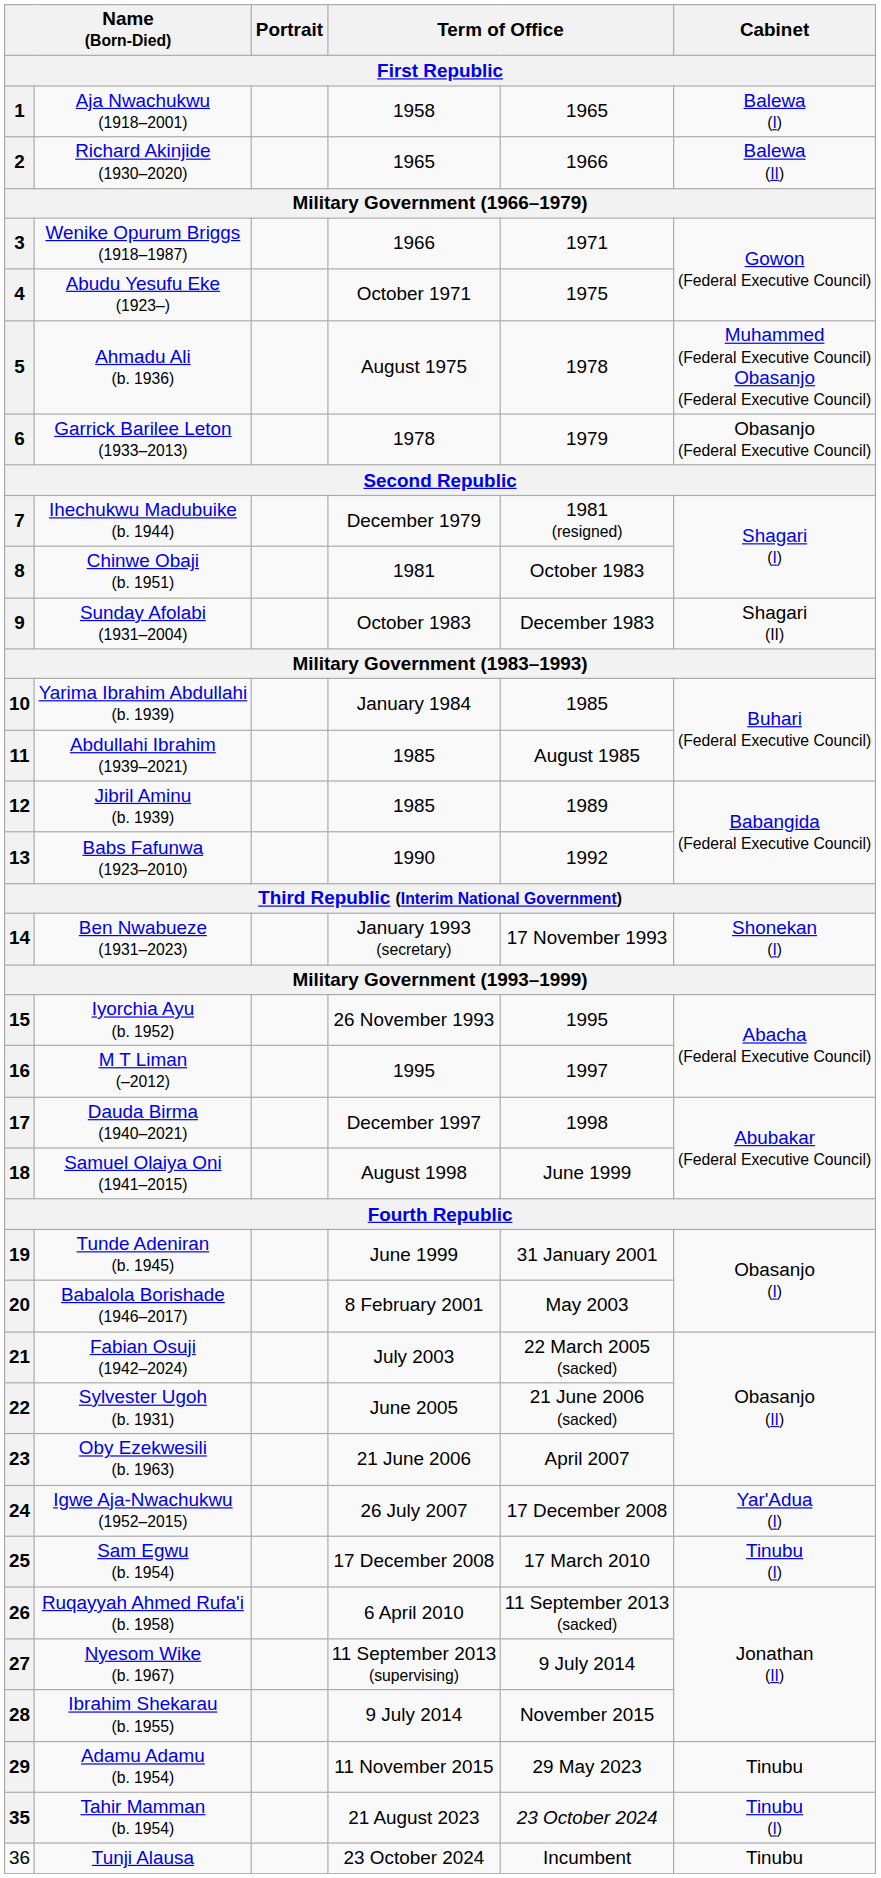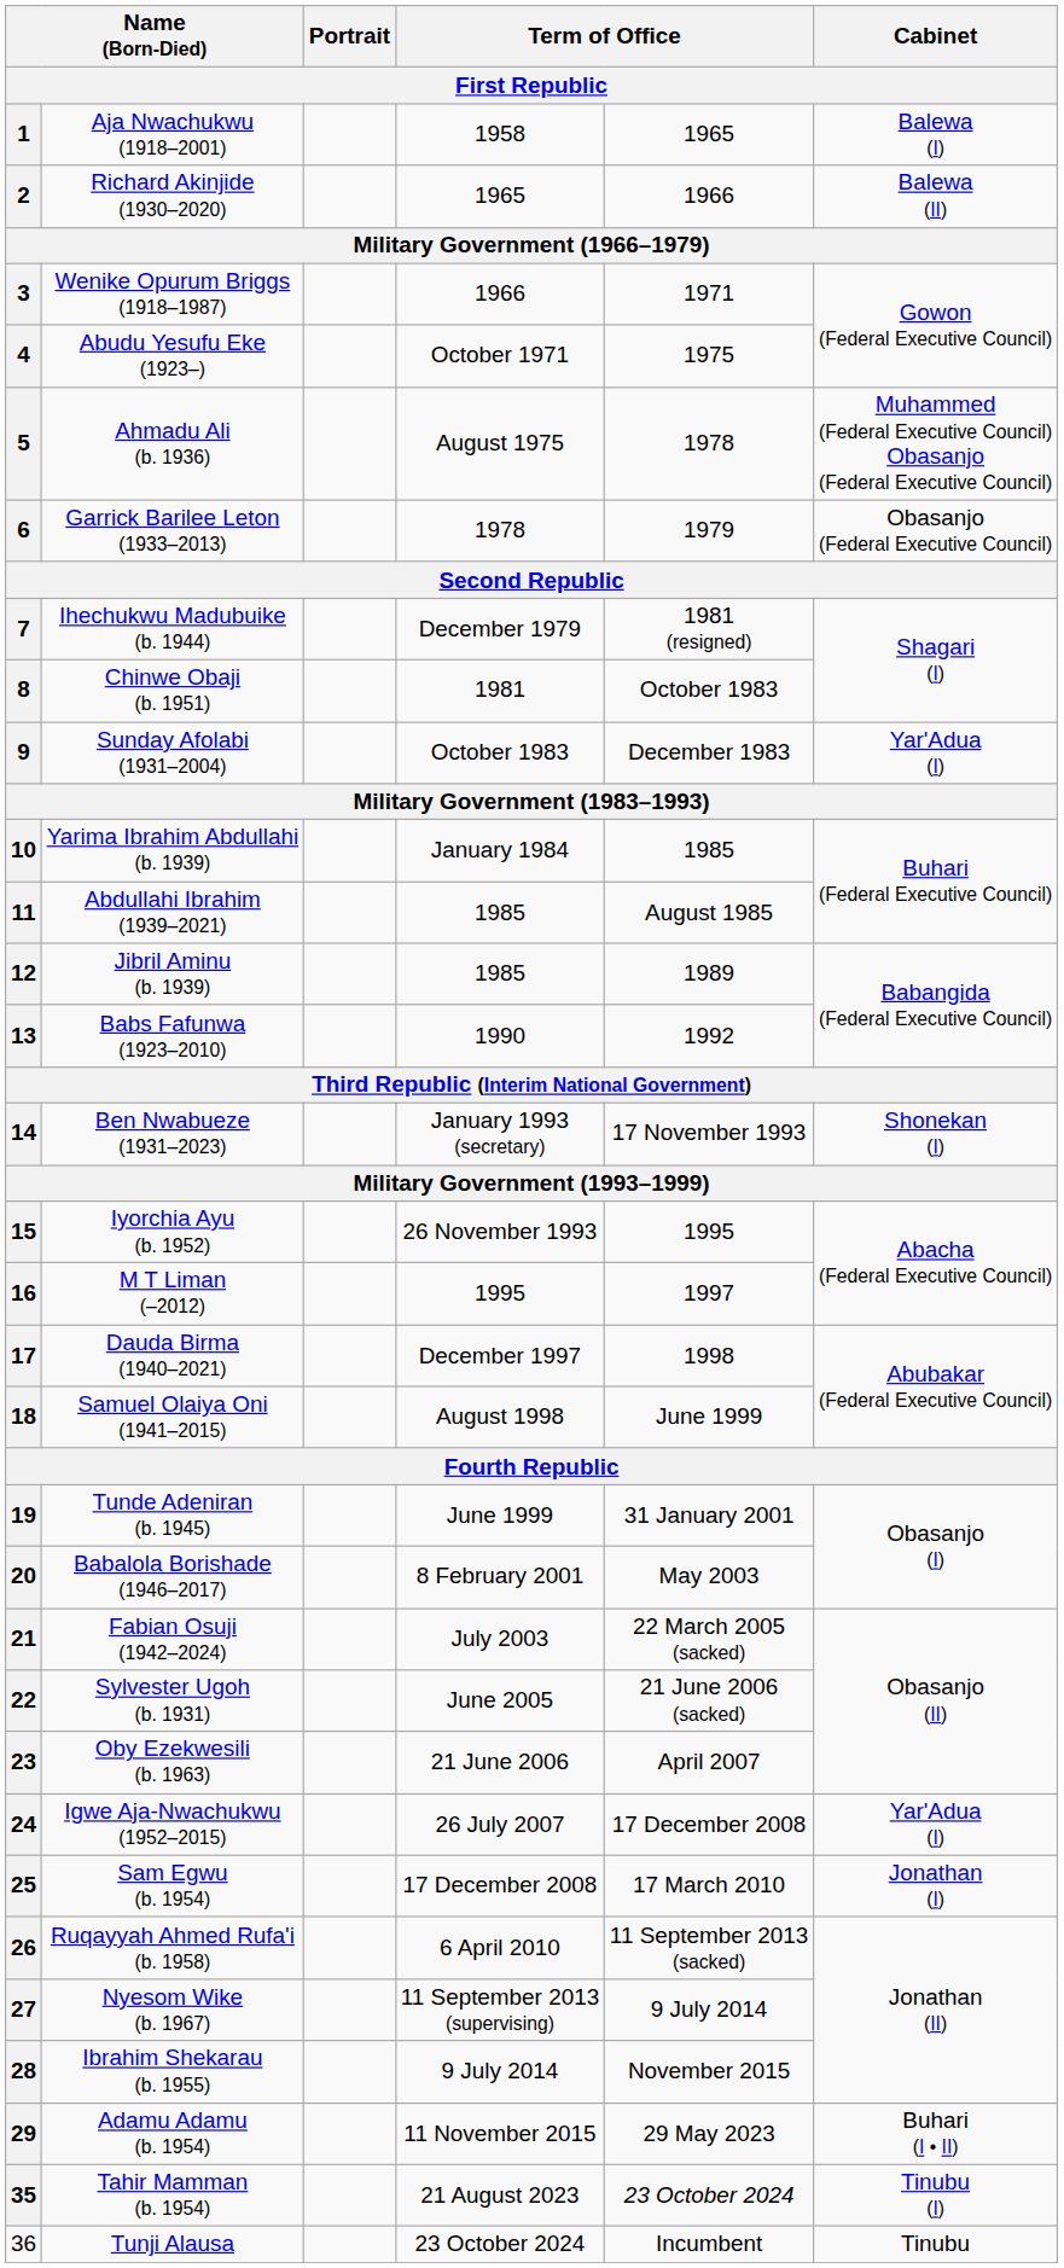 <table class="wikitable" style="text-align:center;">
 <tr>
 <th colspan="2">Name<br><small>(Born-Died)</small></th>
 <th>Portrait</th>
 <th colspan="2">Term of Office</th>
 <th>Cabinet</th>
 </tr>
 <tr>
 <th colspan="6"><a href='#'>First Republic</a></th>
 </tr>
 <tr>
 <th style="background:">1</th>
 <td><a href='#'>Aja Nwachukwu</a><br><small>(1918–2001)</small></td>
 <td></td>
 <td>1958</td>
 <td>1965</td>
 <td><a href='#'>Balewa</a><br><small>(<a href='#'>I</a>)</small></td>
 </tr>
 <tr>
 <th style="background:">2</th>
 <td><a href='#'>Richard Akinjide</a><br><small>(1930–2020)</small></td>
 <td></td>
 <td>1965</td>
 <td>1966</td>
 <td><a href='#'>Balewa</a><br><small>(<a href='#'>II</a>)</small></td>
 </tr>
 <tr>
 <th colspan="6">Military Government (1966–1979)</th>
 </tr>
 <tr>
 <th>3</th>
 <td><a href='#'>Wenike Opurum Briggs</a><br><small>(1918–1987)</small></td>
 <td></td>
 <td>1966</td>
 <td>1971</td>
 <td rowspan="2"><a href='#'>Gowon</a><br><small>(Federal Executive Council)</small></td>
 </tr>
 <tr>
 <th>4</th>
 <td><a href='#'>Abudu Yesufu Eke</a><br><small>(1923–)</small></td>
 <td></td>
 <td>October 1971</td>
 <td>1975</td>
 </tr>
 <tr>
 <th style="background:">5</th>
 <td><a href='#'>Ahmadu Ali</a><br><small>(b. 1936)</small></td>
 <td></td>
 <td>August 1975</td>
 <td>1978</td>
 <td><a href='#'>Muhammed</a><br><small>(Federal Executive Council)</small><br><a href='#'>Obasanjo</a><br><small>(Federal Executive Council)</small></td>
 </tr>
 <tr>
 <th>6</th>
 <td><a href='#'>Garrick Barilee Leton</a><br><small>(1933–2013)</small></td>
 <td></td>
 <td>1978</td>
 <td>1979</td>
 <td>Obasanjo<br><small>(Federal Executive Council)</small></td>
 </tr>
 <tr>
 <th colspan="6"><a href='#'>Second Republic</a></th>
 </tr>
 <tr>
 <th style="background:">7</th>
 <td><a href='#'>Ihechukwu Madubuike</a><br><small>(b. 1944)</small></td>
 <td></td>
 <td>December 1979</td>
 <td>1981<br><small>(resigned)</small></td>
 <td rowspan="2"><a href='#'>Shagari</a><br><small>(<a href='#'>I</a>)</small></td>
 </tr>
 <tr>
 <th style="background:">8</th>
 <td><a href='#'>Chinwe Obaji</a><br><small>(b. 1951)</small></td>
 <td></td>
 <td>1981</td>
 <td>October 1983</td>
 </tr>
 <tr>
 <th style="background:">9</th>
 <td><a href='#'>Sunday Afolabi</a><br><small>(1931–2004)</small></td>
 <td></td>
 <td>October 1983</td>
 <td>December 1983</td>
-<td>Shagari<br><small>(II)</small></td>
+<td><a href='#'>Yar'Adua</a><br><small>(<a href='#'>I</a>)</small></td>
 </tr>
 <tr>
 <th colspan="6">Military Government (1983–1993)</th>
 </tr>
 <tr>
 <th>10</th>
 <td><a href='#'>Yarima Ibrahim Abdullahi</a><br><small>(b. 1939)</small></td>
 <td></td>
 <td>January 1984</td>
 <td>1985</td>
 <td rowspan="2"><a href='#'>Buhari</a><br><small>(Federal Executive Council)</small></td>
 </tr>
 <tr>
 <th>11</th>
 <td><a href='#'>Abdullahi Ibrahim</a><br><small>(1939–2021)</small></td>
 <td></td>
 <td>1985</td>
 <td>August 1985</td>
 </tr>
 <tr>
 <th>12</th>
 <td><a href='#'>Jibril Aminu</a><br><small>(b. 1939)</small></td>
 <td></td>
 <td>1985</td>
 <td>1989</td>
 <td rowspan="2"><a href='#'>Babangida</a><br><small>(Federal Executive Council)</small></td>
 </tr>
 <tr>
 <th>13</th>
 <td><a href='#'>Babs Fafunwa</a><br><small>(1923–2010)</small></td>
 <td></td>
 <td>1990</td>
 <td>1992</td>
 </tr>
 <tr>
 <th colspan="6"><a href='#'>Third Republic</a> <small>(<a href='#'>Interim National Government</a>)</small></th>
 </tr>
 <tr>
 <th>14</th>
 <td><a href='#'>Ben Nwabueze</a><br><small>(1931–2023)</small></td>
 <td></td>
 <td>January 1993<br><small>(secretary)</small></td>
 <td>17 November 1993</td>
 <td><a href='#'>Shonekan</a><br><small>(<a href='#'>I</a>)</small></td>
 </tr>
 <tr>
 <th colspan="6">Military Government (1993–1999)</th>
 </tr>
 <tr>
 <th>15</th>
 <td><a href='#'>Iyorchia Ayu</a><br><small>(b. 1952)</small></td>
 <td></td>
 <td>26 November 1993</td>
 <td>1995</td>
 <td rowspan="2"><a href='#'>Abacha</a><br><small>(Federal Executive Council)</small></td>
 </tr>
 <tr>
 <th>16</th>
 <td><a href='#'>M T Liman</a><br><small>(–2012)</small></td>
 <td></td>
 <td>1995</td>
 <td>1997</td>
 </tr>
 <tr>
 <th>17</th>
 <td><a href='#'>Dauda Birma</a><br><small>(1940–2021)</small></td>
 <td></td>
 <td>December 1997</td>
 <td>1998</td>
 <td rowspan="2"><a href='#'>Abubakar</a><br><small>(Federal Executive Council)</small></td>
 </tr>
 <tr>
 <th>18</th>
 <td><a href='#'>Samuel Olaiya Oni</a><br><small>(1941–2015)</small></td>
 <td></td>
 <td>August 1998</td>
 <td>June 1999</td>
 </tr>
 <tr>
 <th colspan="6"><a href='#'>Fourth Republic</a></th>
 </tr>
 <tr>
 <th style="background:">19</th>
 <td><a href='#'>Tunde Adeniran</a><br><small>(b. 1945)</small></td>
 <td></td>
 <td>June 1999</td>
 <td>31 January 2001</td>
 <td rowspan="2">Obasanjo<br><small>(<a href='#'>I</a>)</small></td>
 </tr>
 <tr>
 <th style="background:">20</th>
 <td><a href='#'>Babalola Borishade</a><br><small>(1946–2017)</small></td>
 <td></td>
 <td>8 February 2001</td>
 <td>May 2003</td>
 </tr>
 <tr>
 <th style="background:">21</th>
 <td><a href='#'>Fabian Osuji</a><br><small>(1942–2024)</small></td>
 <td></td>
 <td>July 2003</td>
 <td>22 March 2005<br><small>(sacked)</small></td>
 <td rowspan="3">Obasanjo<br><small>(<a href='#'>II</a>)</small></td>
 </tr>
 <tr>
 <th style="background:">22</th>
 <td><a href='#'>Sylvester Ugoh</a><br><small>(b. 1931)</small></td>
 <td></td>
 <td>June 2005</td>
 <td>21 June 2006<br><small>(sacked)</small></td>
 </tr>
 <tr>
 <th style="background:">23</th>
 <td><a href='#'>Oby Ezekwesili</a><br><small>(b. 1963)</small></td>
 <td></td>
 <td>21 June 2006</td>
 <td>April 2007</td>
 </tr>
 <tr>
 <th style="background:">24</th>
 <td><a href='#'>Igwe Aja-Nwachukwu</a><br><small>(1952–2015)</small></td>
 <td></td>
 <td>26 July 2007</td>
 <td>17 December 2008</td>
 <td><a href='#'>Yar'Adua</a><br><small>(<a href='#'>I</a>)</small></td>
 </tr>
 <tr>
 <th style="background:">25</th>
 <td><a href='#'>Sam Egwu</a><br><small>(b. 1954)</small></td>
 <td></td>
 <td>17 December 2008</td>
 <td>17 March 2010</td>
-<td><a href='#'>Tinubu</a><br><small>(<a href='#'>I</a>)</small></td>
+<td><a href='#'>Jonathan</a><br><small>(<a href='#'>I</a>)</small></td>
 </tr>
 <tr>
 <th style="background:">26</th>
 <td><a href='#'>Ruqayyah Ahmed Rufa'i</a><br><small>(b. 1958)</small></td>
 <td></td>
 <td>6 April 2010</td>
 <td>11 September 2013<br><small>(sacked)</small></td>
 <td rowspan="3">Jonathan<br><small>(<a href='#'>II</a>)</small></td>
 </tr>
 <tr>
 <th style="background:">27</th>
 <td><a href='#'>Nyesom Wike</a><br><small>(b. 1967)</small></td>
 <td></td>
 <td>11 September 2013<br><small>(supervising)</small></td>
 <td>9 July 2014</td>
 </tr>
 <tr>
 <th style="background:">28</th>
 <td><a href='#'>Ibrahim Shekarau</a><br><small>(b. 1955)</small></td>
 <td></td>
 <td>9 July 2014</td>
 <td>November 2015</td>
 </tr>
 <tr>
 <th style="background:">29</th>
 <td><a href='#'>Adamu Adamu</a><br><small>(b. 1954)</small></td>
 <td></td>
 <td>11 November 2015</td>
 <td>29 May 2023</td>
-<td>Tinubu</td>
+<td>Buhari<br><small>(<a href='#'>I</a> • <a href='#'>II</a>)</small></td>
 </tr>
 <tr>
 <th style="background:">35</th>
 <td><a href='#'>Tahir Mamman</a><br><small>(b. 1954)</small></td>
 <td></td>
 <td>21 August 2023</td>
 <td><em>23 October 2024</em></td>
 <td><a href='#'>Tinubu</a><br><small>(<a href='#'>I</a>)</small></td>
 </tr>
 <tr>
 <td>36</td>
 <td><a href='#'>Tunji Alausa</a></td>
 <td></td>
 <td>23 October 2024</td>
 <td>Incumbent</td>
 <td>Tinubu</td>
 </tr>
 </table>
